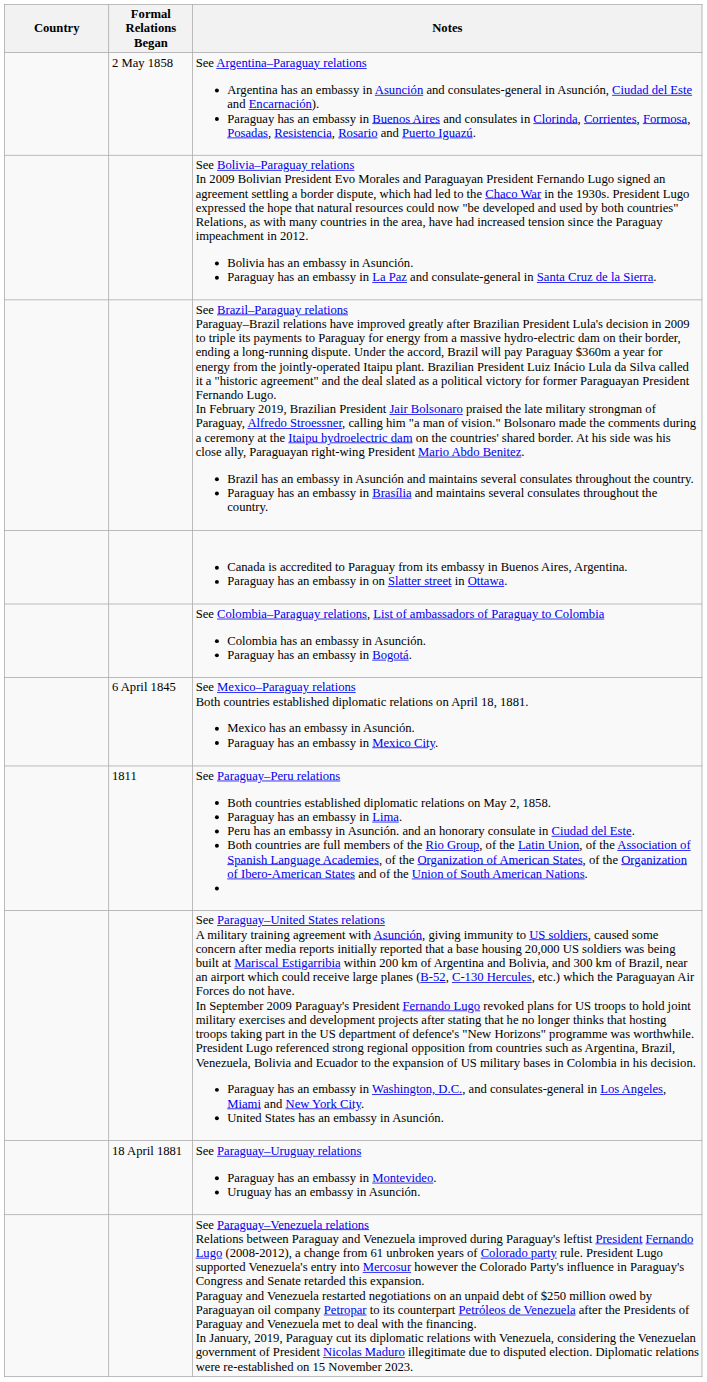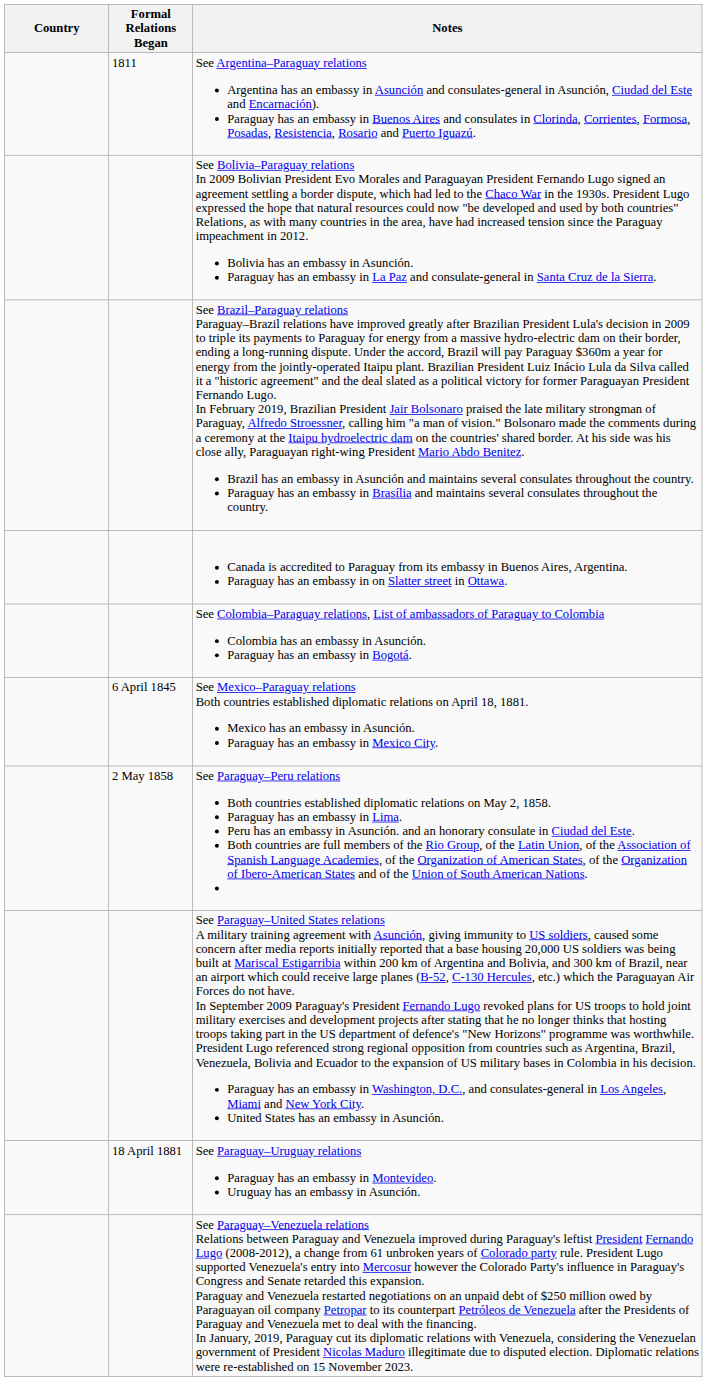 <table class="wikitable sortable" style="width:100%; margin:auto;">
 <tr>
 <th style="width:15%;">Country</th>
 <th style="width:12%;">Formal Relations Began</th>
 <th>Notes</th>
 </tr>
 <tr valign="top">
 <td></td>
-<td>2 May 1858</td>
+<td>1811</td>
 <td>See <a href='#'>Argentina–Paraguay relations</a><br><ul><li>Argentina has an embassy in <a href='#'>Asunción</a> and consulates-general in Asunción, <a href='#'>Ciudad del Este</a> and <a href='#'>Encarnación</a>).</li><li>Paraguay has an embassy in <a href='#'>Buenos Aires</a> and consulates in <a href='#'>Clorinda</a>, <a href='#'>Corrientes</a>, <a href='#'>Formosa</a>, <a href='#'>Posadas</a>, <a href='#'>Resistencia</a>, <a href='#'>Rosario</a> and <a href='#'>Puerto Iguazú</a>.</li></ul></td>
 </tr>
 <tr valign="top">
 <td></td>
 <td></td>
 <td>See <a href='#'>Bolivia–Paraguay relations</a><br>In 2009 Bolivian President Evo Morales and Paraguayan President Fernando Lugo signed an agreement settling a border dispute, which had led to the <a href='#'>Chaco War</a> in the 1930s. President Lugo expressed the hope that natural resources could now "be developed and used by both countries"  Relations, as with many countries in the area, have had increased tension since the Paraguay impeachment in 2012.<ul><li>Bolivia has an embassy in Asunción.</li><li>Paraguay has an embassy in <a href='#'>La Paz</a> and consulate-general in <a href='#'>Santa Cruz de la Sierra</a>.</li></ul></td>
 </tr>
 <tr valign="top">
 <td></td>
 <td></td>
 <td>See <a href='#'>Brazil–Paraguay relations</a><br> Paraguay–Brazil relations have improved greatly after Brazilian President Lula's decision in 2009 to triple its payments to Paraguay for energy from a massive hydro-electric dam on their border, ending a long-running dispute. Under the accord, Brazil will pay Paraguay $360m a year for energy from the jointly-operated Itaipu plant. Brazilian President Luiz Inácio Lula da Silva called it a "historic agreement" and the deal slated as a political victory for former Paraguayan President Fernando Lugo.<br>In February 2019, Brazilian President <a href='#'>Jair Bolsonaro</a> praised the late military strongman of Paraguay, <a href='#'>Alfredo Stroessner</a>, calling him "a man of vision." Bolsonaro made the comments during a ceremony at the <a href='#'>Itaipu hydroelectric dam</a> on the countries' shared border. At his side was his close ally, Paraguayan right-wing President <a href='#'>Mario Abdo Benitez</a>.<ul><li>Brazil has an embassy in Asunción and maintains several consulates throughout the country.</li><li>Paraguay has an embassy in <a href='#'>Brasília</a> and maintains several consulates throughout the country.</li></ul></td>
 </tr>
 <tr valign="top">
 <td></td>
 <td></td>
 <td><br><ul><li>Canada is accredited to Paraguay from its embassy in Buenos Aires, Argentina.</li><li>Paraguay has an embassy in on <a href='#'>Slatter street</a> in <a href='#'>Ottawa</a>.</li></ul></td>
 </tr>
 <tr valign="top">
 <td></td>
 <td></td>
 <td>See <a href='#'>Colombia–Paraguay relations</a>, <a href='#'>List of ambassadors of Paraguay to Colombia</a><br><ul><li>Colombia has an embassy in Asunción.</li><li>Paraguay has an embassy in <a href='#'>Bogotá</a>.</li></ul></td>
 </tr>
 <tr valign="top">
 <td></td>
 <td>6 April 1845</td>
 <td>See <a href='#'>Mexico–Paraguay relations</a><br>Both countries established diplomatic relations on April 18, 1881.<ul><li>Mexico has an embassy in Asunción.</li><li>Paraguay has an embassy in <a href='#'>Mexico City</a>.</li></ul></td>
 </tr>
 <tr valign="top">
 <td></td>
-<td>1811</td>
+<td>2 May 1858</td>
 <td>See <a href='#'>Paraguay–Peru relations</a><br><ul><li>Both countries established diplomatic relations on May 2, 1858.</li><li>Paraguay has an embassy in <a href='#'>Lima</a>.</li><li>Peru has an embassy in Asunción. and an honorary consulate in <a href='#'>Ciudad del Este</a>.</li><li>Both countries are full members of the <a href='#'>Rio Group</a>, of the <a href='#'>Latin Union</a>, of the <a href='#'>Association of Spanish Language Academies</a>, of the <a href='#'>Organization of American States</a>, of the <a href='#'>Organization of Ibero-American States</a> and of the <a href='#'>Union of South American Nations</a>.</li><li></li></ul></td>
 </tr>
 <tr valign="top">
 <td></td>
 <td></td>
 <td>See <a href='#'>Paraguay–United States relations</a><br>A military training agreement with <a href='#'>Asunción</a>, giving immunity to <a href='#'>US soldiers</a>, caused some concern after media reports initially reported that a base housing 20,000 US soldiers was being built at <a href='#'>Mariscal Estigarribia</a> within 200 km of Argentina and Bolivia, and 300 km of Brazil, near an airport which could receive large planes (<a href='#'>B-52</a>, <a href='#'>C-130 Hercules</a>, etc.) which the Paraguayan Air Forces do not have.<br>In September 2009 Paraguay's President <a href='#'>Fernando Lugo</a> revoked plans for US troops to hold joint military exercises and development projects after stating that he no longer thinks that hosting troops taking part in the US department of defence's "New Horizons" programme was worthwhile. President Lugo referenced strong regional opposition from countries such as Argentina, Brazil, Venezuela, Bolivia and Ecuador to the expansion of US military bases in Colombia in his decision.<ul><li>Paraguay has an embassy in <a href='#'>Washington, D.C.</a>, and consulates-general in <a href='#'>Los Angeles</a>, <a href='#'>Miami</a> and <a href='#'>New York City</a>.</li><li>United States has an embassy in Asunción.</li></ul></td>
 </tr>
 <tr valign="top">
 <td></td>
 <td>18 April 1881</td>
 <td>See <a href='#'>Paraguay–Uruguay relations</a><br><ul><li>Paraguay has an embassy in <a href='#'>Montevideo</a>.</li><li>Uruguay has an embassy in Asunción.</li></ul></td>
 </tr>
 <tr valign="top">
 <td></td>
 <td></td>
 <td>See <a href='#'>Paraguay–Venezuela relations</a><br>Relations between Paraguay and Venezuela  improved during Paraguay's  leftist <a href='#'>President</a> <a href='#'>Fernando Lugo</a> (2008-2012), a change from 61 unbroken years of <a href='#'>Colorado party</a> rule. President Lugo supported Venezuela's entry into <a href='#'>Mercosur</a> however the Colorado Party's influence in Paraguay's Congress and Senate retarded this expansion.<br>Paraguay and Venezuela restarted negotiations on an unpaid debt of $250 million owed by Paraguayan oil company <a href='#'>Petropar</a> to its counterpart <a href='#'>Petróleos de Venezuela</a> after the Presidents of Paraguay and Venezuela met to deal with the financing.<br>In January, 2019, Paraguay cut its diplomatic relations with Venezuela, considering the Venezuelan government of President <a href='#'>Nicolas Maduro</a> illegitimate due to disputed election. Diplomatic relations were re-established on 15 November 2023.</td>
 </tr>
 </table>
